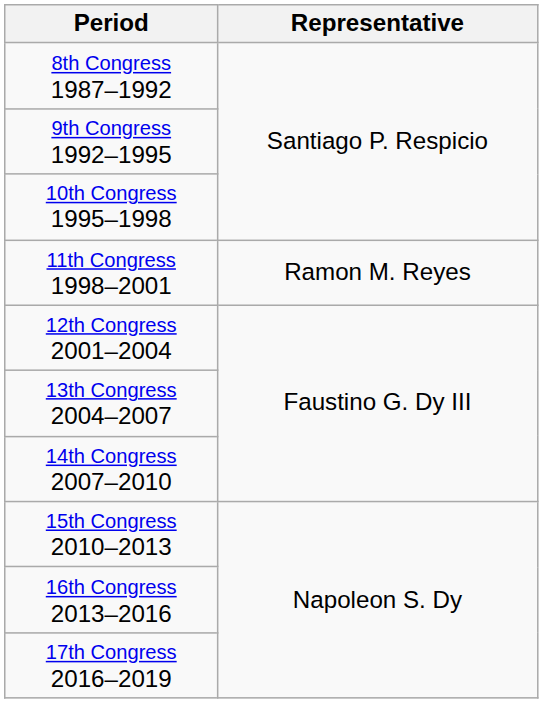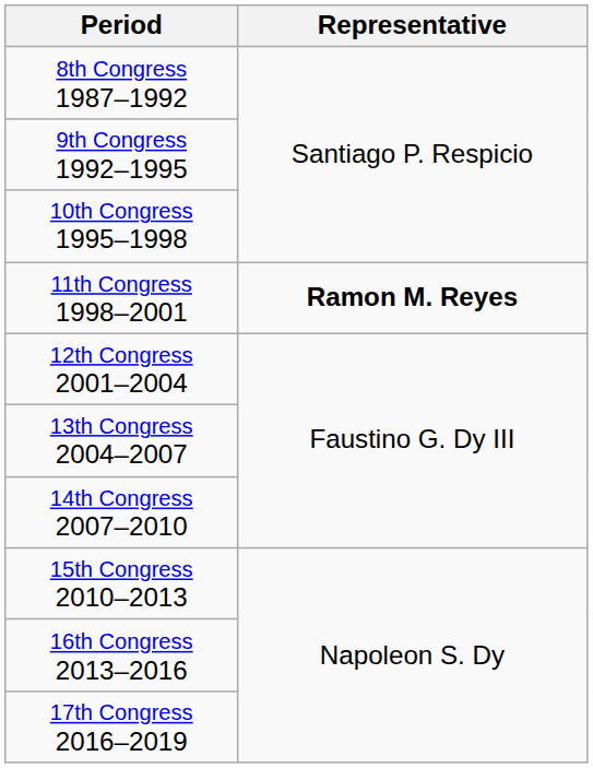 <table class="wikitable" style="text-align:center; width:40%;">
 <tr>
 <th width="40%">Period</th>
 <th>Representative</th>
 </tr>
 <tr>
 <td><small><a href='#'>8th Congress</a></small><br>1987–1992</td>
 <td rowspan="3">Santiago P. Respicio</td>
 </tr>
 <tr>
 <td><small><a href='#'>9th Congress</a></small><br>1992–1995</td>
 </tr>
 <tr>
 <td><small><a href='#'>10th Congress</a></small><br>1995–1998</td>
 </tr>
 <tr>
 <td><small><a href='#'>11th Congress</a></small><br>1998–2001</td>
-<td>Ramon M. Reyes</td>
+<td><strong>Ramon M. Reyes</strong></td>
 </tr>
 <tr>
 <td><small><a href='#'>12th Congress</a></small><br>2001–2004</td>
 <td rowspan="3">Faustino G. Dy III</td>
 </tr>
 <tr>
 <td><small><a href='#'>13th Congress</a></small><br>2004–2007</td>
 </tr>
 <tr>
 <td><small><a href='#'>14th Congress</a></small><br>2007–2010</td>
 </tr>
 <tr>
 <td><small><a href='#'>15th Congress</a></small><br>2010–2013</td>
 <td rowspan="3">Napoleon S. Dy</td>
 </tr>
 <tr>
 <td><small><a href='#'>16th Congress</a></small><br>2013–2016</td>
 </tr>
 <tr>
 <td><small><a href='#'>17th Congress</a></small><br>2016–2019</td>
 </tr>
 </table>
